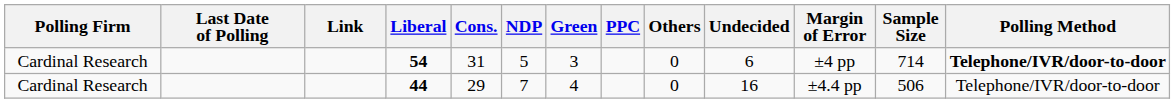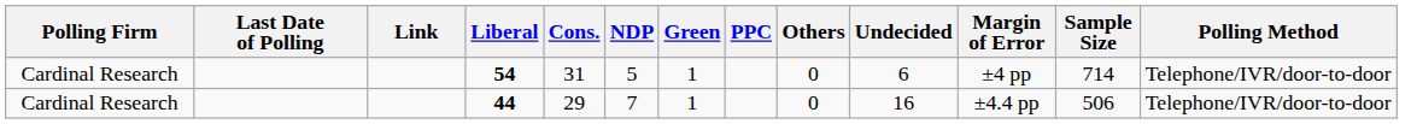 <table class="wikitable sortable" style="text-align:center;font-size:90%;line-height:14px;">
 <tr style="background:#e9e9e9;">
 <th style="width:120px">Polling Firm</th>
 <th style="width:110px">Last Date<br>of Polling</th>
 <th style="width:60px" class="unsortable">Link</th>
 <th style="background-color:"><a href='#'>Liberal</a></th>
 <th style="background-color:"><a href='#'>Cons.</a></th>
 <th style="background-color:"><a href='#'>NDP</a></th>
 <th style="background-color:"><a href='#'>Green</a></th>
 <th style="background-color:"><a href='#'><span>PPC</span></a></th>
 <th style="background-color:">Others</th>
 <th style="background-color:">Undecided</th>
 <th style="width:60px;" class=unsortable>Margin<br>of Error</th>
 <th style="width:50px;" class=unsortable>Sample<br>Size</th>
 <th class=unsortable>Polling Method</th>
 </tr>
 <tr>
 <td>Cardinal Research</td>
 <td></td>
 <td></td>
 <td><strong>54</strong></td>
 <td>31</td>
 <td>5</td>
-<td>3</td>
+<td>1</td>
 <td></td>
 <td>0</td>
 <td>6</td>
 <td>±4 pp</td>
 <td>714</td>
-<td><strong>Telephone/IVR/door-to-door</strong></td>
+<td>Telephone/IVR/door-to-door</td>
 </tr>
 <tr>
 <td>Cardinal Research</td>
 <td></td>
 <td></td>
 <td><strong>44</strong></td>
 <td>29</td>
 <td>7</td>
-<td>4</td>
+<td>1</td>
 <td></td>
 <td>0</td>
 <td>16</td>
 <td>±4.4 pp</td>
 <td>506</td>
 <td>Telephone/IVR/door-to-door</td>
 </tr>
 </table>
